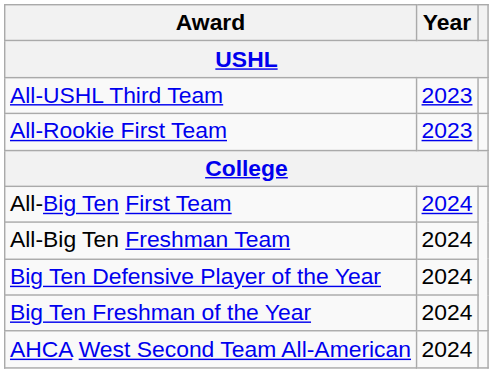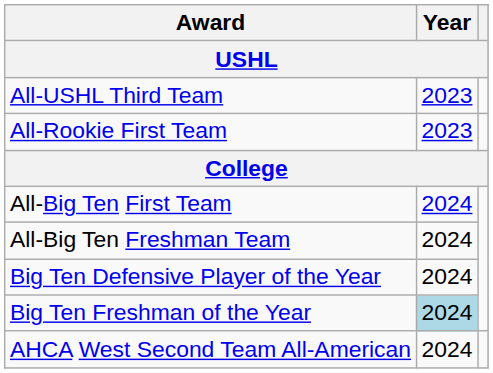 <table class="wikitable">
 <tr>
 <th>Award</th>
 <th>Year</th>
 <th></th>
 </tr>
 <tr>
 <th colspan="3"><a href='#'>USHL</a></th>
 </tr>
 <tr>
 <td><a href='#'>All-USHL Third Team</a></td>
 <td><a href='#'>2023</a></td>
 <td></td>
 </tr>
 <tr>
 <td><a href='#'>All-Rookie First Team</a></td>
 <td><a href='#'>2023</a></td>
 <td></td>
 </tr>
 <tr>
 <th colspan="3"><a href='#'>College</a></th>
 </tr>
 <tr>
 <td>All-<a href='#'>Big Ten</a> <a href='#'>First Team</a></td>
 <td><a href='#'>2024</a></td>
 <td rowspan="4"></td>
 </tr>
 <tr>
 <td>All-Big Ten <a href='#'>Freshman Team</a></td>
 <td>2024</td>
 </tr>
 <tr>
 <td><a href='#'>Big Ten Defensive Player of the Year</a></td>
 <td>2024</td>
 </tr>
 <tr>
 <td><a href='#'>Big Ten Freshman of the Year</a></td>
-<td>2024</td>
+<td style="background: lightblue;">2024</td>
 </tr>
 <tr>
 <td><a href='#'>AHCA</a> <a href='#'>West Second Team All-American</a></td>
 <td>2024</td>
 <td></td>
 </tr>
 </table>
